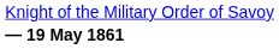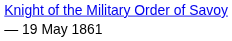 <table>
 <tr>
 <td rowspan=2 style="width:60px; vertical-align:top;"></td>
 <td><a href='#'>Knight of the Military Order of Savoy</a></td>
 </tr>
 <tr>
-<td><strong>— 19 May 1861</strong></td>
+<td>— 19 May 1861</td>
 </tr>
 </table>
